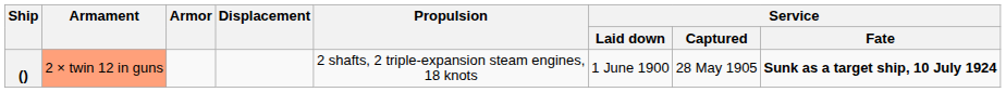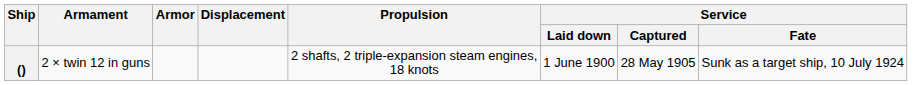 <table class="wikitable plainrowheaders" style="text-align: center;">
 <tr valign="top">
 <th scope="col" rowspan="2">Ship</th>
 <th scope="col" rowspan="2">Armament</th>
 <th scope="col" rowspan="2">Armor</th>
 <th scope="col" rowspan="2">Displacement</th>
 <th scope="col" rowspan="2">Propulsion</th>
 <th scope="col" colspan="3">Service</th>
 </tr>
 <tr valign="top">
 <th scope="col">Laid down</th>
 <th scope="col">Captured</th>
 <th scope="col">Fate</th>
 </tr>
 <tr valign="center">
 <th scope="row"><br>()</th>
-<td style="background: lightsalmon;">2 × twin 12 in guns</td>
+<td>2 × twin 12 in guns</td>
 <td></td>
 <td></td>
 <td>2 shafts, 2 triple-expansion steam engines,<br>18 knots</td>
 <td>1 June 1900</td>
 <td>28 May 1905</td>
-<td><strong>Sunk as a target ship, 10 July 1924</strong></td>
+<td>Sunk as a target ship, 10 July 1924</td>
 </tr>
 </table>
